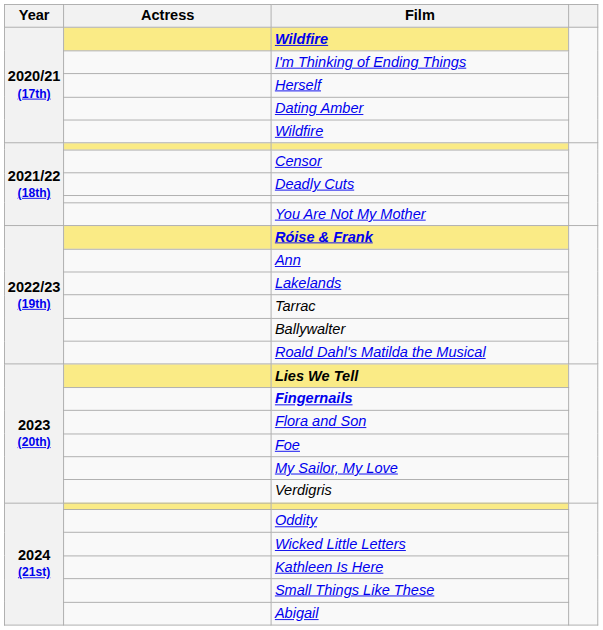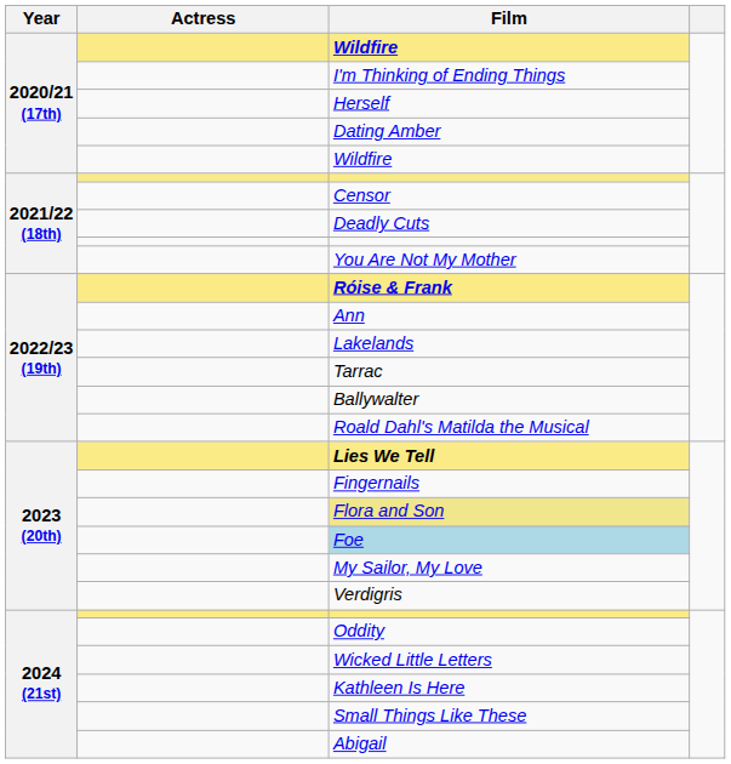 <table class="wikitable sortable">
 <tr>
 <th scope="col" style="width:10%;">Year</th>
 <th scope="col" style="width:35%;">Actress</th>
 <th scope="col" style="width:50%;">Film</th>
 <th scope="col" style="width:5%;" class="unsortable"></th>
 </tr>
 <tr>
 <th scope="row" rowspan=5 style="text-align:center">2020/21<br><small><a href='#'>(17th)</a></small></th>
 <td style="background:#FAEB86;"><strong> </strong></td>
 <td style="background:#FAEB86;"><strong><em><a href='#'>Wildfire</a></em></strong></td>
 <td rowspan=5 style="text-align:center;"></td>
 </tr>
 <tr>
 <td></td>
 <td><em><a href='#'>I'm Thinking of Ending Things</a></em></td>
 </tr>
 <tr>
 <td></td>
 <td><em><a href='#'>Herself</a></em></td>
 </tr>
 <tr>
 <td></td>
 <td><em><a href='#'>Dating Amber</a></em></td>
 </tr>
 <tr>
 <td></td>
 <td><em><a href='#'>Wildfire</a></em></td>
 </tr>
 <tr>
 <th scope="row" rowspan=5 style="text-align:center">2021/22<br><small><a href='#'>(18th)</a></small></th>
 <td style="background:#FAEB86;"><strong> </strong></td>
 <td style="background:#FAEB86;"><strong></strong></td>
 <td rowspan=5 style="text-align:center;"></td>
 </tr>
 <tr>
 <td></td>
 <td><em><a href='#'>Censor</a></em></td>
 </tr>
 <tr>
 <td></td>
 <td><em><a href='#'>Deadly Cuts</a></em></td>
 </tr>
 <tr>
 <td></td>
 <td><em></em></td>
 </tr>
 <tr>
 <td></td>
 <td><em><a href='#'>You Are Not My Mother</a></em></td>
 </tr>
 <tr>
 <th scope="row" rowspan=6 style="text-align:center">2022/23<br><small><a href='#'>(19th)</a></small></th>
 <td style="background:#FAEB86;"><strong> </strong></td>
 <td style="background:#FAEB86;"><strong><em><a href='#'>Róise & Frank</a></em></strong></td>
 <td rowspan=6 style="text-align:center;"></td>
 </tr>
 <tr>
 <td></td>
 <td><em><a href='#'>Ann</a></em></td>
 </tr>
 <tr>
 <td></td>
 <td><em><a href='#'>Lakelands</a></em></td>
 </tr>
 <tr>
 <td></td>
 <td><em>Tarrac</em></td>
 </tr>
 <tr>
 <td></td>
 <td><em>Ballywalter</em></td>
 </tr>
 <tr>
 <td></td>
 <td><em><a href='#'>Roald Dahl's Matilda the Musical</a></em></td>
 </tr>
 <tr>
 <th scope="row" rowspan=6 style="text-align:center">2023<br><small><a href='#'>(20th)</a></small></th>
 <td style="background:#FAEB86;"><strong> </strong></td>
 <td style="background:#FAEB86;"><strong><em>Lies We Tell</em></strong></td>
 <td rowspan=6 style="text-align:center;"></td>
 </tr>
 <tr>
 <td></td>
-<td><strong><em><a href='#'>Fingernails</a></em></strong></td>
+<td><em><a href='#'>Fingernails</a></em></td>
 </tr>
 <tr>
 <td></td>
-<td><em><a href='#'>Flora and Son</a></em></td>
+<td style="background: khaki;"><em><a href='#'>Flora and Son</a></em></td>
 </tr>
 <tr>
 <td></td>
-<td><em><a href='#'>Foe</a></em></td>
+<td style="background: lightblue;"><em><a href='#'>Foe</a></em></td>
 </tr>
 <tr>
 <td></td>
 <td><em><a href='#'>My Sailor, My Love</a></em></td>
 </tr>
 <tr>
 <td></td>
 <td><em>Verdigris</em></td>
 </tr>
 <tr>
 <th scope="row" rowspan=6 style="text-align:center">2024<br><small><a href='#'>(21st)</a></small></th>
 <td style="background:#FAEB86;"><strong> </strong></td>
 <td style="background:#FAEB86;"><strong></strong></td>
 <td rowspan=6 style="text-align:center;"></td>
 </tr>
 <tr>
 <td></td>
 <td><em><a href='#'>Oddity</a></em></td>
 </tr>
 <tr>
 <td></td>
 <td><em><a href='#'>Wicked Little Letters</a></em></td>
 </tr>
 <tr>
 <td></td>
 <td><em><a href='#'>Kathleen Is Here</a></em></td>
 </tr>
 <tr>
 <td></td>
 <td><em><a href='#'>Small Things Like These</a></em></td>
 </tr>
 <tr>
 <td></td>
 <td><em><a href='#'>Abigail</a></em></td>
 </tr>
 </table>
